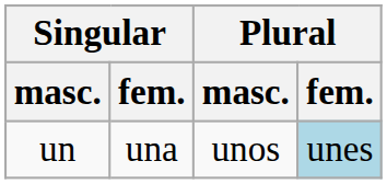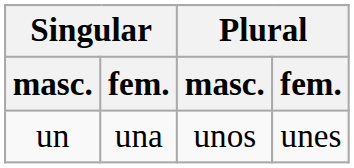 <table class="wikitable" style="text-align:center;">
 <tr>
 <th colspan="2">Singular</th>
 <th colspan="2">Plural</th>
 </tr>
 <tr>
 <th>masc.</th>
 <th>fem.</th>
 <th>masc.</th>
 <th>fem.</th>
 </tr>
 <tr align=center>
 <td>un</td>
 <td>una</td>
 <td>unos</td>
-<td style="background: lightblue;">unes</td>
+<td>unes</td>
 </tr>
 </table>
